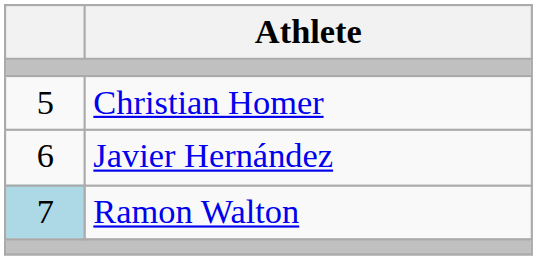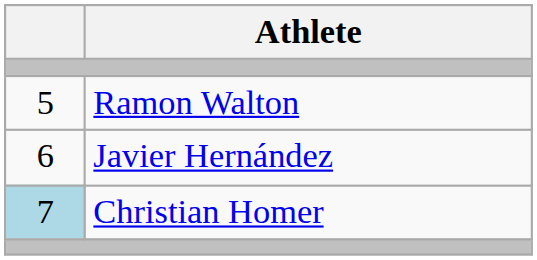 <table class="wikitable">
 <tr>
 <th width="30"></th>
 <th width="200">Athlete</th>
 </tr>
 <tr bgcolor="C0C0C0">
 <td colspan=2></td>
 </tr>
 <tr>
 <td align="center">5</td>
-<td> <a href='#'>Christian Homer</a></td>
+<td> <a href='#'>Ramon Walton</a></td>
 </tr>
 <tr>
 <td align="center">6</td>
 <td> <a href='#'>Javier Hernández</a></td>
 </tr>
 <tr>
 <td align="center" style="background: lightblue;">7</td>
-<td> <a href='#'>Ramon Walton</a></td>
+<td> <a href='#'>Christian Homer</a></td>
 </tr>
 <tr bgcolor="C0C0C0">
 <td colspan=2></td>
 </tr>
 </table>
